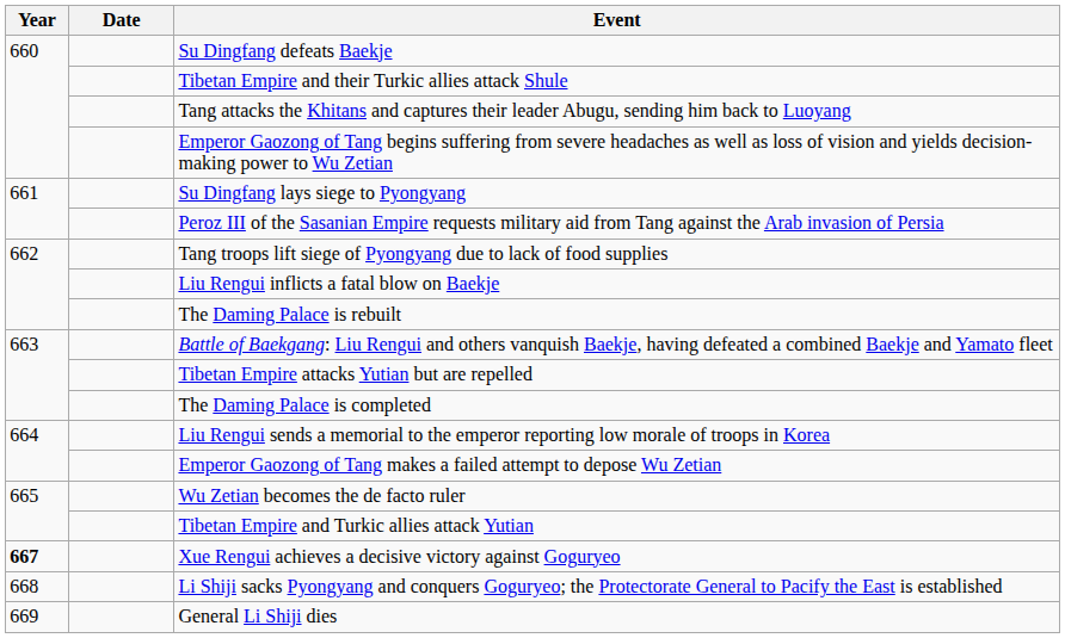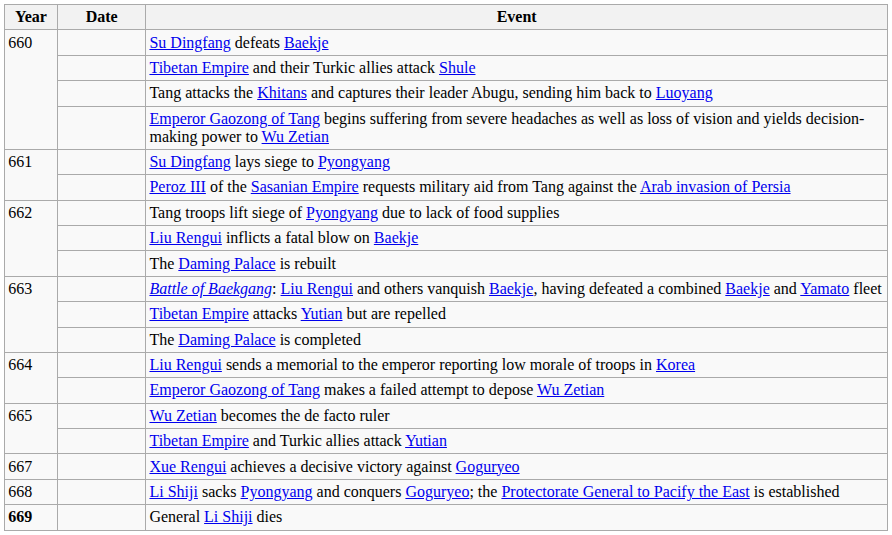 <table class="wikitable" width="100%">
 <tr>
 <th style="width:6%">Year</th>
 <th style="width:10%">Date</th>
 <th>Event</th>
 </tr>
 <tr>
 <td rowspan="4" valign="top">660</td>
 <td></td>
 <td><a href='#'>Su Dingfang</a> defeats <a href='#'>Baekje</a></td>
 </tr>
 <tr>
 <td></td>
 <td><a href='#'>Tibetan Empire</a> and their Turkic allies attack <a href='#'>Shule</a></td>
 </tr>
 <tr>
 <td></td>
 <td>Tang attacks the <a href='#'>Khitans</a> and captures their leader Abugu, sending him back to <a href='#'>Luoyang</a></td>
 </tr>
 <tr>
 <td></td>
 <td><a href='#'>Emperor Gaozong of Tang</a> begins suffering from severe headaches as well as loss of vision and yields decision-making power to <a href='#'>Wu Zetian</a></td>
 </tr>
 <tr>
 <td rowspan="2" valign="top">661</td>
 <td></td>
 <td><a href='#'>Su Dingfang</a> lays siege to <a href='#'>Pyongyang</a></td>
 </tr>
 <tr>
 <td></td>
 <td><a href='#'>Peroz III</a> of the <a href='#'>Sasanian Empire</a> requests military aid from Tang against the <a href='#'>Arab invasion of Persia</a></td>
 </tr>
 <tr>
 <td rowspan="3" valign="top">662</td>
 <td></td>
 <td>Tang troops lift siege of <a href='#'>Pyongyang</a> due to lack of food supplies</td>
 </tr>
 <tr>
 <td></td>
 <td><a href='#'>Liu Rengui</a> inflicts a fatal blow on <a href='#'>Baekje</a></td>
 </tr>
 <tr>
 <td></td>
 <td>The <a href='#'>Daming Palace</a> is rebuilt</td>
 </tr>
 <tr>
 <td rowspan="3" valign="top">663</td>
 <td></td>
 <td><em><a href='#'>Battle of Baekgang</a></em>: <a href='#'>Liu Rengui</a> and others vanquish <a href='#'>Baekje</a>, having defeated a combined <a href='#'>Baekje</a> and <a href='#'>Yamato</a> fleet</td>
 </tr>
 <tr>
 <td></td>
 <td><a href='#'>Tibetan Empire</a> attacks <a href='#'>Yutian</a> but are repelled</td>
 </tr>
 <tr>
 <td></td>
 <td>The <a href='#'>Daming Palace</a> is completed</td>
 </tr>
 <tr>
 <td rowspan="2" valign="top">664</td>
 <td></td>
 <td><a href='#'>Liu Rengui</a> sends a memorial to the emperor reporting low morale of troops in <a href='#'>Korea</a></td>
 </tr>
 <tr>
 <td></td>
 <td><a href='#'>Emperor Gaozong of Tang</a> makes a failed attempt to depose <a href='#'>Wu Zetian</a></td>
 </tr>
 <tr>
 <td rowspan="2" valign="top">665</td>
 <td></td>
 <td><a href='#'>Wu Zetian</a> becomes the de facto ruler</td>
 </tr>
 <tr>
 <td></td>
 <td><a href='#'>Tibetan Empire</a> and Turkic allies attack <a href='#'>Yutian</a></td>
 </tr>
 <tr>
-<td><strong>667</strong></td>
+<td>667</td>
 <td></td>
 <td><a href='#'>Xue Rengui</a> achieves a decisive victory against <a href='#'>Goguryeo</a></td>
 </tr>
 <tr>
 <td>668</td>
 <td></td>
 <td><a href='#'>Li Shiji</a> sacks <a href='#'>Pyongyang</a> and conquers <a href='#'>Goguryeo</a>; the <a href='#'>Protectorate General to Pacify the East</a> is established</td>
 </tr>
 <tr>
-<td>669</td>
+<td><strong>669</strong></td>
 <td></td>
 <td>General <a href='#'>Li Shiji</a> dies</td>
 </tr>
 </table>
